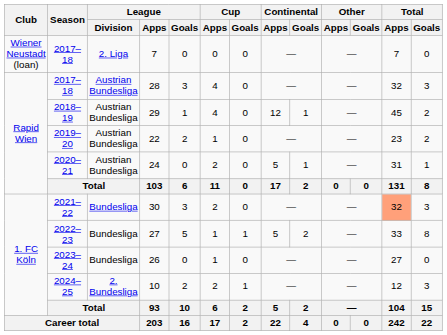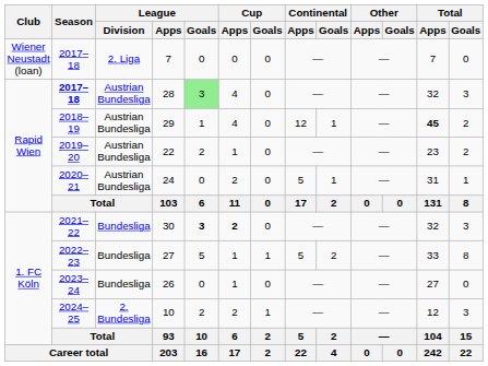 <table class="wikitable" style="text-align:center">
 <tr>
 <th rowspan="2">Club</th>
 <th rowspan="2">Season</th>
 <th colspan="3">League</th>
 <th colspan="2">Cup</th>
 <th colspan="2">Continental</th>
 <th colspan="2">Other</th>
 <th colspan="2">Total</th>
 </tr>
 <tr>
 <th>Division</th>
 <th>Apps</th>
 <th>Goals</th>
 <th>Apps</th>
 <th>Goals</th>
 <th>Apps</th>
 <th>Goals</th>
 <th>Apps</th>
 <th>Goals</th>
 <th>Apps</th>
 <th>Goals</th>
 </tr>
 <tr>
 <td><a href='#'>Wiener Neustadt</a> (loan)</td>
 <td><a href='#'>2017–18</a></td>
 <td><a href='#'>2. Liga</a></td>
 <td>7</td>
 <td>0</td>
 <td>0</td>
 <td>0</td>
 <td colspan="2">—</td>
 <td colspan="2">—</td>
 <td>7</td>
 <td>0</td>
 </tr>
 <tr>
 <td rowspan="5"><a href='#'>Rapid Wien</a></td>
-<td><a href='#'>2017–18</a></td>
+<td><strong><a href='#'>2017–18</a></strong></td>
 <td><a href='#'>Austrian Bundesliga</a></td>
 <td>28</td>
-<td>3</td>
+<td style="background: lightgreen;">3</td>
 <td>4</td>
 <td>0</td>
 <td colspan="2">—</td>
 <td colspan="2">—</td>
 <td>32</td>
 <td>3</td>
 </tr>
 <tr>
 <td><a href='#'>2018–19</a></td>
 <td>Austrian Bundesliga</td>
 <td>29</td>
 <td>1</td>
 <td>4</td>
 <td>0</td>
 <td>12</td>
 <td>1</td>
 <td colspan="2">—</td>
-<td>45</td>
+<td><strong>45</strong></td>
 <td>2</td>
 </tr>
 <tr>
 <td><a href='#'>2019–20</a></td>
 <td>Austrian Bundesliga</td>
 <td>22</td>
 <td>2</td>
 <td>1</td>
 <td>0</td>
 <td colspan="2">—</td>
 <td colspan="2">—</td>
 <td>23</td>
 <td>2</td>
 </tr>
 <tr>
 <td><a href='#'>2020–21</a></td>
 <td>Austrian Bundesliga</td>
 <td>24</td>
 <td>0</td>
 <td>2</td>
 <td>0</td>
 <td>5</td>
 <td>1</td>
 <td colspan="2">—</td>
 <td>31</td>
 <td>1</td>
 </tr>
 <tr>
 <th colspan="2">Total</th>
 <th>103</th>
 <th>6</th>
 <th>11</th>
 <th>0</th>
 <th>17</th>
 <th>2</th>
 <th>0</th>
 <th>0</th>
 <th>131</th>
 <th>8</th>
 </tr>
 <tr>
 <td rowspan="5"><a href='#'>1. FC Köln</a></td>
 <td><a href='#'>2021–22</a></td>
 <td><a href='#'>Bundesliga</a></td>
 <td>30</td>
-<td>3</td>
-<td>2</td>
+<td><strong>3</strong></td>
+<td><strong>2</strong></td>
 <td>0</td>
 <td colspan="2">—</td>
 <td colspan="2">—</td>
-<td style="background: lightsalmon;">32</td>
+<td>32</td>
 <td>3</td>
 </tr>
 <tr>
 <td><a href='#'>2022–23</a></td>
 <td>Bundesliga</td>
 <td>27</td>
 <td>5</td>
 <td>1</td>
 <td>1</td>
 <td>5</td>
 <td>2</td>
 <td colspan="2">—</td>
 <td>33</td>
 <td>8</td>
 </tr>
 <tr>
 <td><a href='#'>2023–24</a></td>
 <td>Bundesliga</td>
 <td>26</td>
 <td>0</td>
 <td>1</td>
 <td>0</td>
 <td colspan="2">—</td>
 <td colspan="2">—</td>
 <td>27</td>
 <td>0</td>
 </tr>
 <tr>
 <td><a href='#'>2024–25</a></td>
 <td><a href='#'>2. Bundesliga</a></td>
 <td>10</td>
 <td>2</td>
 <td>2</td>
 <td>1</td>
 <td colspan="2">—</td>
 <td colspan="2">—</td>
 <td>12</td>
 <td>3</td>
 </tr>
 <tr>
 <th colspan="2">Total</th>
 <th>93</th>
 <th>10</th>
 <th>6</th>
 <th>2</th>
 <th>5</th>
 <th>2</th>
 <th colspan="2">—</th>
 <th>104</th>
 <th>15</th>
 </tr>
 <tr>
 <th colspan="3">Career total</th>
 <th>203</th>
 <th>16</th>
 <th>17</th>
 <th>2</th>
 <th>22</th>
 <th>4</th>
 <th>0</th>
 <th>0</th>
 <th>242</th>
 <th>22</th>
 </tr>
 </table>
